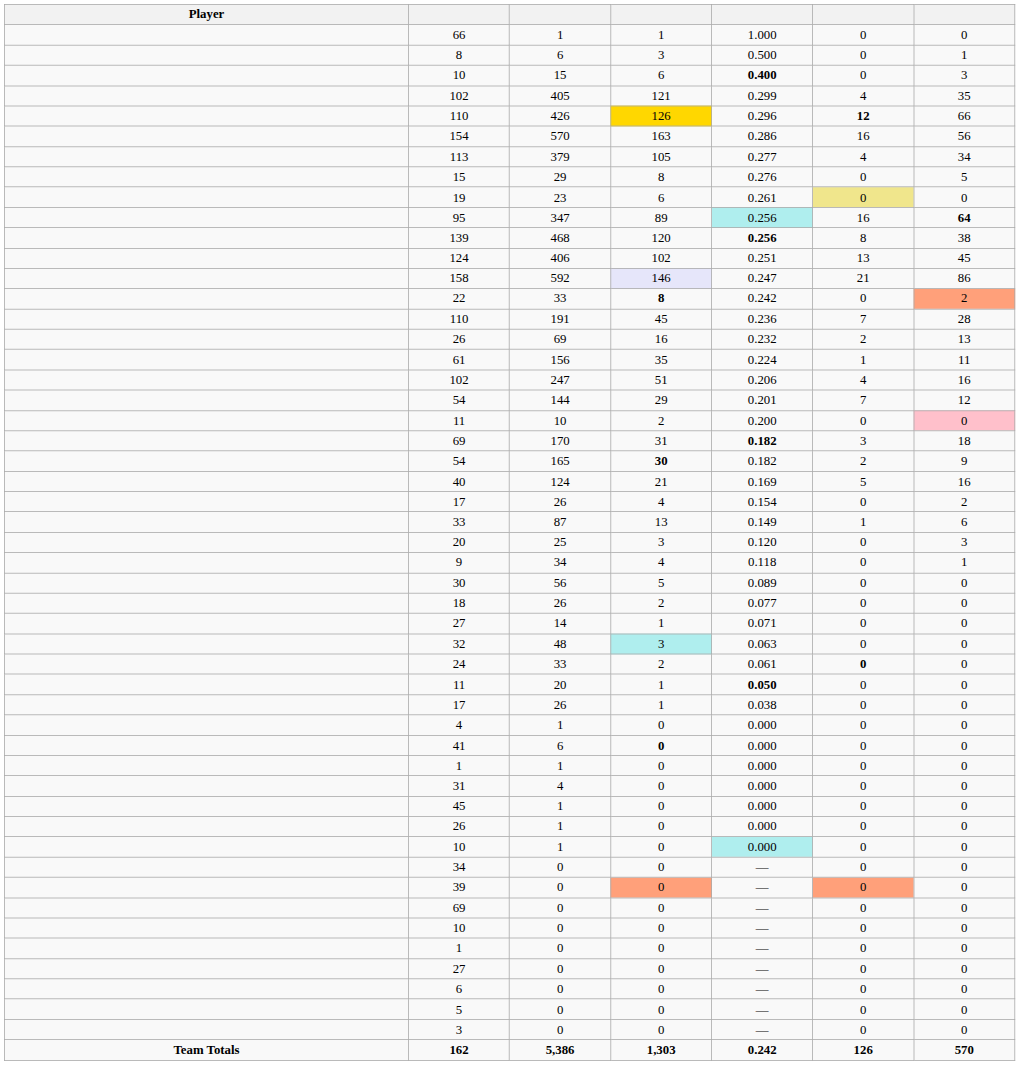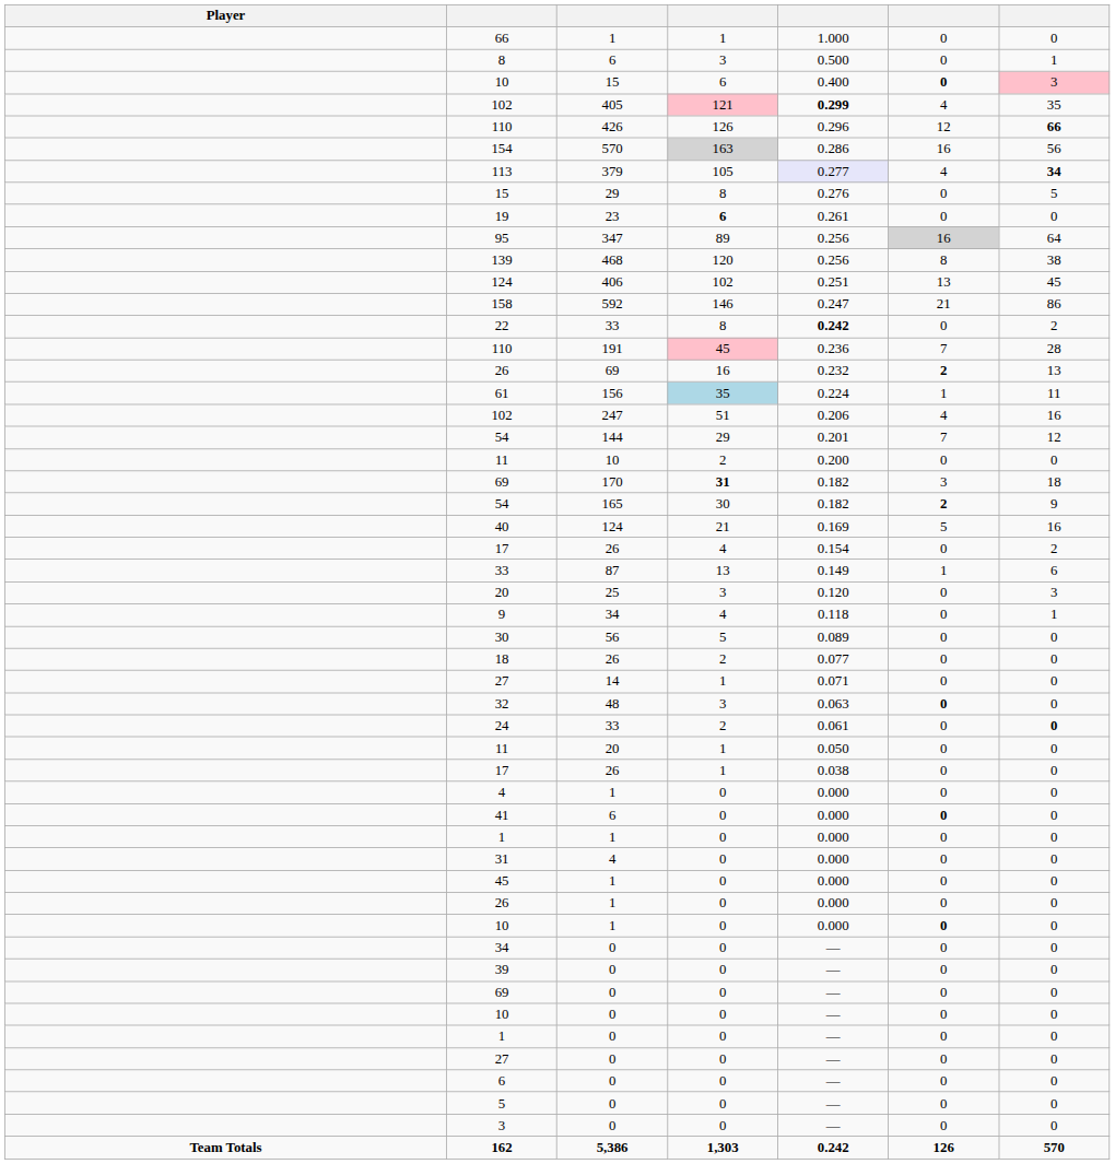 <table class="wikitable sortable" style="text-align:center;" width="100%">
 <tr>
 <th width="40%">Player</th>
 <th width="10%"></th>
 <th width="10%"></th>
 <th width="10%"></th>
 <th width="10%"></th>
 <th width="10%"></th>
 <th width="10%"></th>
 </tr>
 <tr>
 <td></td>
 <td>66</td>
 <td>1</td>
 <td>1</td>
 <td>1.000</td>
 <td>0</td>
 <td>0</td>
 </tr>
 <tr>
 <td></td>
 <td>8</td>
 <td>6</td>
 <td>3</td>
 <td>0.500</td>
 <td>0</td>
 <td>1</td>
 </tr>
 <tr>
 <td></td>
 <td>10</td>
 <td>15</td>
 <td>6</td>
-<td><strong>0.400</strong></td>
-<td>0</td>
-<td>3</td>
+<td>0.400</td>
+<td><strong>0</strong></td>
+<td style="background: pink;">3</td>
 </tr>
 <tr>
 <td></td>
 <td>102</td>
 <td>405</td>
-<td>121</td>
-<td>0.299</td>
+<td style="background: pink;">121</td>
+<td><strong>0.299</strong></td>
 <td>4</td>
 <td>35</td>
 </tr>
 <tr>
 <td></td>
 <td>110</td>
 <td>426</td>
-<td style="background: gold;">126</td>
+<td>126</td>
 <td>0.296</td>
-<td><strong>12</strong></td>
-<td>66</td>
+<td>12</td>
+<td><strong>66</strong></td>
 </tr>
 <tr>
 <td></td>
 <td>154</td>
 <td>570</td>
-<td>163</td>
+<td style="background: lightgrey;">163</td>
 <td>0.286</td>
 <td>16</td>
 <td>56</td>
 </tr>
 <tr>
 <td></td>
 <td>113</td>
 <td>379</td>
 <td>105</td>
-<td>0.277</td>
+<td style="background: lavender;">0.277</td>
 <td>4</td>
-<td>34</td>
+<td><strong>34</strong></td>
 </tr>
 <tr>
 <td></td>
 <td>15</td>
 <td>29</td>
 <td>8</td>
 <td>0.276</td>
 <td>0</td>
 <td>5</td>
 </tr>
 <tr>
 <td></td>
 <td>19</td>
 <td>23</td>
-<td>6</td>
+<td><strong>6</strong></td>
 <td>0.261</td>
-<td style="background: khaki;">0</td>
+<td>0</td>
 <td>0</td>
 </tr>
 <tr>
 <td></td>
 <td>95</td>
 <td>347</td>
 <td>89</td>
-<td style="background: paleturquoise;">0.256</td>
-<td>16</td>
-<td><strong>64</strong></td>
+<td>0.256</td>
+<td style="background: lightgrey;">16</td>
+<td>64</td>
 </tr>
 <tr>
 <td></td>
 <td>139</td>
 <td>468</td>
 <td>120</td>
-<td><strong>0.256</strong></td>
+<td>0.256</td>
 <td>8</td>
 <td>38</td>
 </tr>
 <tr>
 <td></td>
 <td>124</td>
 <td>406</td>
 <td>102</td>
 <td>0.251</td>
 <td>13</td>
 <td>45</td>
 </tr>
 <tr>
 <td></td>
 <td>158</td>
 <td>592</td>
-<td style="background: lavender;">146</td>
+<td>146</td>
 <td>0.247</td>
 <td>21</td>
 <td>86</td>
 </tr>
 <tr>
 <td></td>
 <td>22</td>
 <td>33</td>
-<td><strong>8</strong></td>
-<td>0.242</td>
+<td>8</td>
+<td><strong>0.242</strong></td>
 <td>0</td>
-<td style="background: lightsalmon;">2</td>
+<td>2</td>
 </tr>
 <tr>
 <td></td>
 <td>110</td>
 <td>191</td>
-<td>45</td>
+<td style="background: pink;">45</td>
 <td>0.236</td>
 <td>7</td>
 <td>28</td>
 </tr>
 <tr>
 <td></td>
 <td>26</td>
 <td>69</td>
 <td>16</td>
 <td>0.232</td>
-<td>2</td>
+<td><strong>2</strong></td>
 <td>13</td>
 </tr>
 <tr>
 <td></td>
 <td>61</td>
 <td>156</td>
-<td>35</td>
+<td style="background: lightblue;">35</td>
 <td>0.224</td>
 <td>1</td>
 <td>11</td>
 </tr>
 <tr>
 <td></td>
 <td>102</td>
 <td>247</td>
 <td>51</td>
 <td>0.206</td>
 <td>4</td>
 <td>16</td>
 </tr>
 <tr>
 <td></td>
 <td>54</td>
 <td>144</td>
 <td>29</td>
 <td>0.201</td>
 <td>7</td>
 <td>12</td>
 </tr>
 <tr>
 <td></td>
 <td>11</td>
 <td>10</td>
 <td>2</td>
 <td>0.200</td>
 <td>0</td>
-<td style="background: pink;">0</td>
+<td>0</td>
 </tr>
 <tr>
 <td></td>
 <td>69</td>
 <td>170</td>
-<td>31</td>
-<td><strong>0.182</strong></td>
+<td><strong>31</strong></td>
+<td>0.182</td>
 <td>3</td>
 <td>18</td>
 </tr>
 <tr>
 <td></td>
 <td>54</td>
 <td>165</td>
-<td><strong>30</strong></td>
+<td>30</td>
 <td>0.182</td>
-<td>2</td>
+<td><strong>2</strong></td>
 <td>9</td>
 </tr>
 <tr>
 <td></td>
 <td>40</td>
 <td>124</td>
 <td>21</td>
 <td>0.169</td>
 <td>5</td>
 <td>16</td>
 </tr>
 <tr>
 <td></td>
 <td>17</td>
 <td>26</td>
 <td>4</td>
 <td>0.154</td>
 <td>0</td>
 <td>2</td>
 </tr>
 <tr>
 <td></td>
 <td>33</td>
 <td>87</td>
 <td>13</td>
 <td>0.149</td>
 <td>1</td>
 <td>6</td>
 </tr>
 <tr>
 <td></td>
 <td>20</td>
 <td>25</td>
 <td>3</td>
 <td>0.120</td>
 <td>0</td>
 <td>3</td>
 </tr>
 <tr>
 <td></td>
 <td>9</td>
 <td>34</td>
 <td>4</td>
 <td>0.118</td>
 <td>0</td>
 <td>1</td>
 </tr>
 <tr>
 <td></td>
 <td>30</td>
 <td>56</td>
 <td>5</td>
 <td>0.089</td>
 <td>0</td>
 <td>0</td>
 </tr>
 <tr>
 <td></td>
 <td>18</td>
 <td>26</td>
 <td>2</td>
 <td>0.077</td>
 <td>0</td>
 <td>0</td>
 </tr>
 <tr>
 <td></td>
 <td>27</td>
 <td>14</td>
 <td>1</td>
 <td>0.071</td>
 <td>0</td>
 <td>0</td>
 </tr>
 <tr>
 <td></td>
 <td>32</td>
 <td>48</td>
-<td style="background: paleturquoise;">3</td>
+<td>3</td>
 <td>0.063</td>
-<td>0</td>
+<td><strong>0</strong></td>
 <td>0</td>
 </tr>
 <tr>
 <td></td>
 <td>24</td>
 <td>33</td>
 <td>2</td>
 <td>0.061</td>
+<td>0</td>
 <td><strong>0</strong></td>
-<td>0</td>
 </tr>
 <tr>
 <td></td>
 <td>11</td>
 <td>20</td>
 <td>1</td>
-<td><strong>0.050</strong></td>
+<td>0.050</td>
 <td>0</td>
 <td>0</td>
 </tr>
 <tr>
 <td></td>
 <td>17</td>
 <td>26</td>
 <td>1</td>
 <td>0.038</td>
 <td>0</td>
 <td>0</td>
 </tr>
 <tr>
 <td></td>
 <td>4</td>
 <td>1</td>
 <td>0</td>
 <td>0.000</td>
 <td>0</td>
 <td>0</td>
 </tr>
 <tr>
 <td></td>
 <td>41</td>
 <td>6</td>
+<td>0</td>
+<td>0.000</td>
 <td><strong>0</strong></td>
-<td>0.000</td>
-<td>0</td>
 <td>0</td>
 </tr>
 <tr>
 <td></td>
 <td>1</td>
 <td>1</td>
 <td>0</td>
 <td>0.000</td>
 <td>0</td>
 <td>0</td>
 </tr>
 <tr>
 <td></td>
 <td>31</td>
 <td>4</td>
 <td>0</td>
 <td>0.000</td>
 <td>0</td>
 <td>0</td>
 </tr>
 <tr>
 <td></td>
 <td>45</td>
 <td>1</td>
 <td>0</td>
 <td>0.000</td>
 <td>0</td>
 <td>0</td>
 </tr>
 <tr>
 <td></td>
 <td>26</td>
 <td>1</td>
 <td>0</td>
 <td>0.000</td>
 <td>0</td>
 <td>0</td>
 </tr>
 <tr>
 <td></td>
 <td>10</td>
 <td>1</td>
 <td>0</td>
-<td style="background: paleturquoise;">0.000</td>
-<td>0</td>
+<td>0.000</td>
+<td><strong>0</strong></td>
 <td>0</td>
 </tr>
 <tr>
 <td></td>
 <td>34</td>
 <td>0</td>
 <td>0</td>
 <td>—</td>
 <td>0</td>
 <td>0</td>
 </tr>
 <tr>
 <td></td>
 <td>39</td>
 <td>0</td>
-<td style="background: lightsalmon;">0</td>
+<td>0</td>
 <td>—</td>
-<td style="background: lightsalmon;">0</td>
+<td>0</td>
 <td>0</td>
 </tr>
 <tr>
 <td></td>
 <td>69</td>
 <td>0</td>
 <td>0</td>
 <td>—</td>
 <td>0</td>
 <td>0</td>
 </tr>
 <tr>
 <td></td>
 <td>10</td>
 <td>0</td>
 <td>0</td>
 <td>—</td>
 <td>0</td>
 <td>0</td>
 </tr>
 <tr>
 <td></td>
 <td>1</td>
 <td>0</td>
 <td>0</td>
 <td>—</td>
 <td>0</td>
 <td>0</td>
 </tr>
 <tr>
 <td></td>
 <td>27</td>
 <td>0</td>
 <td>0</td>
 <td>—</td>
 <td>0</td>
 <td>0</td>
 </tr>
 <tr>
 <td></td>
 <td>6</td>
 <td>0</td>
 <td>0</td>
 <td>—</td>
 <td>0</td>
 <td>0</td>
 </tr>
 <tr>
 <td></td>
 <td>5</td>
 <td>0</td>
 <td>0</td>
 <td>—</td>
 <td>0</td>
 <td>0</td>
 </tr>
 <tr>
 <td></td>
 <td>3</td>
 <td>0</td>
 <td>0</td>
 <td>—</td>
 <td>0</td>
 <td>0</td>
 </tr>
 <tr>
 <td><strong>Team Totals</strong></td>
 <td><strong>162</strong></td>
 <td><strong>5,386</strong></td>
 <td><strong>1,303</strong></td>
 <td><strong>0.242</strong></td>
 <td><strong>126</strong></td>
 <td><strong>570</strong></td>
 </tr>
 </table>
